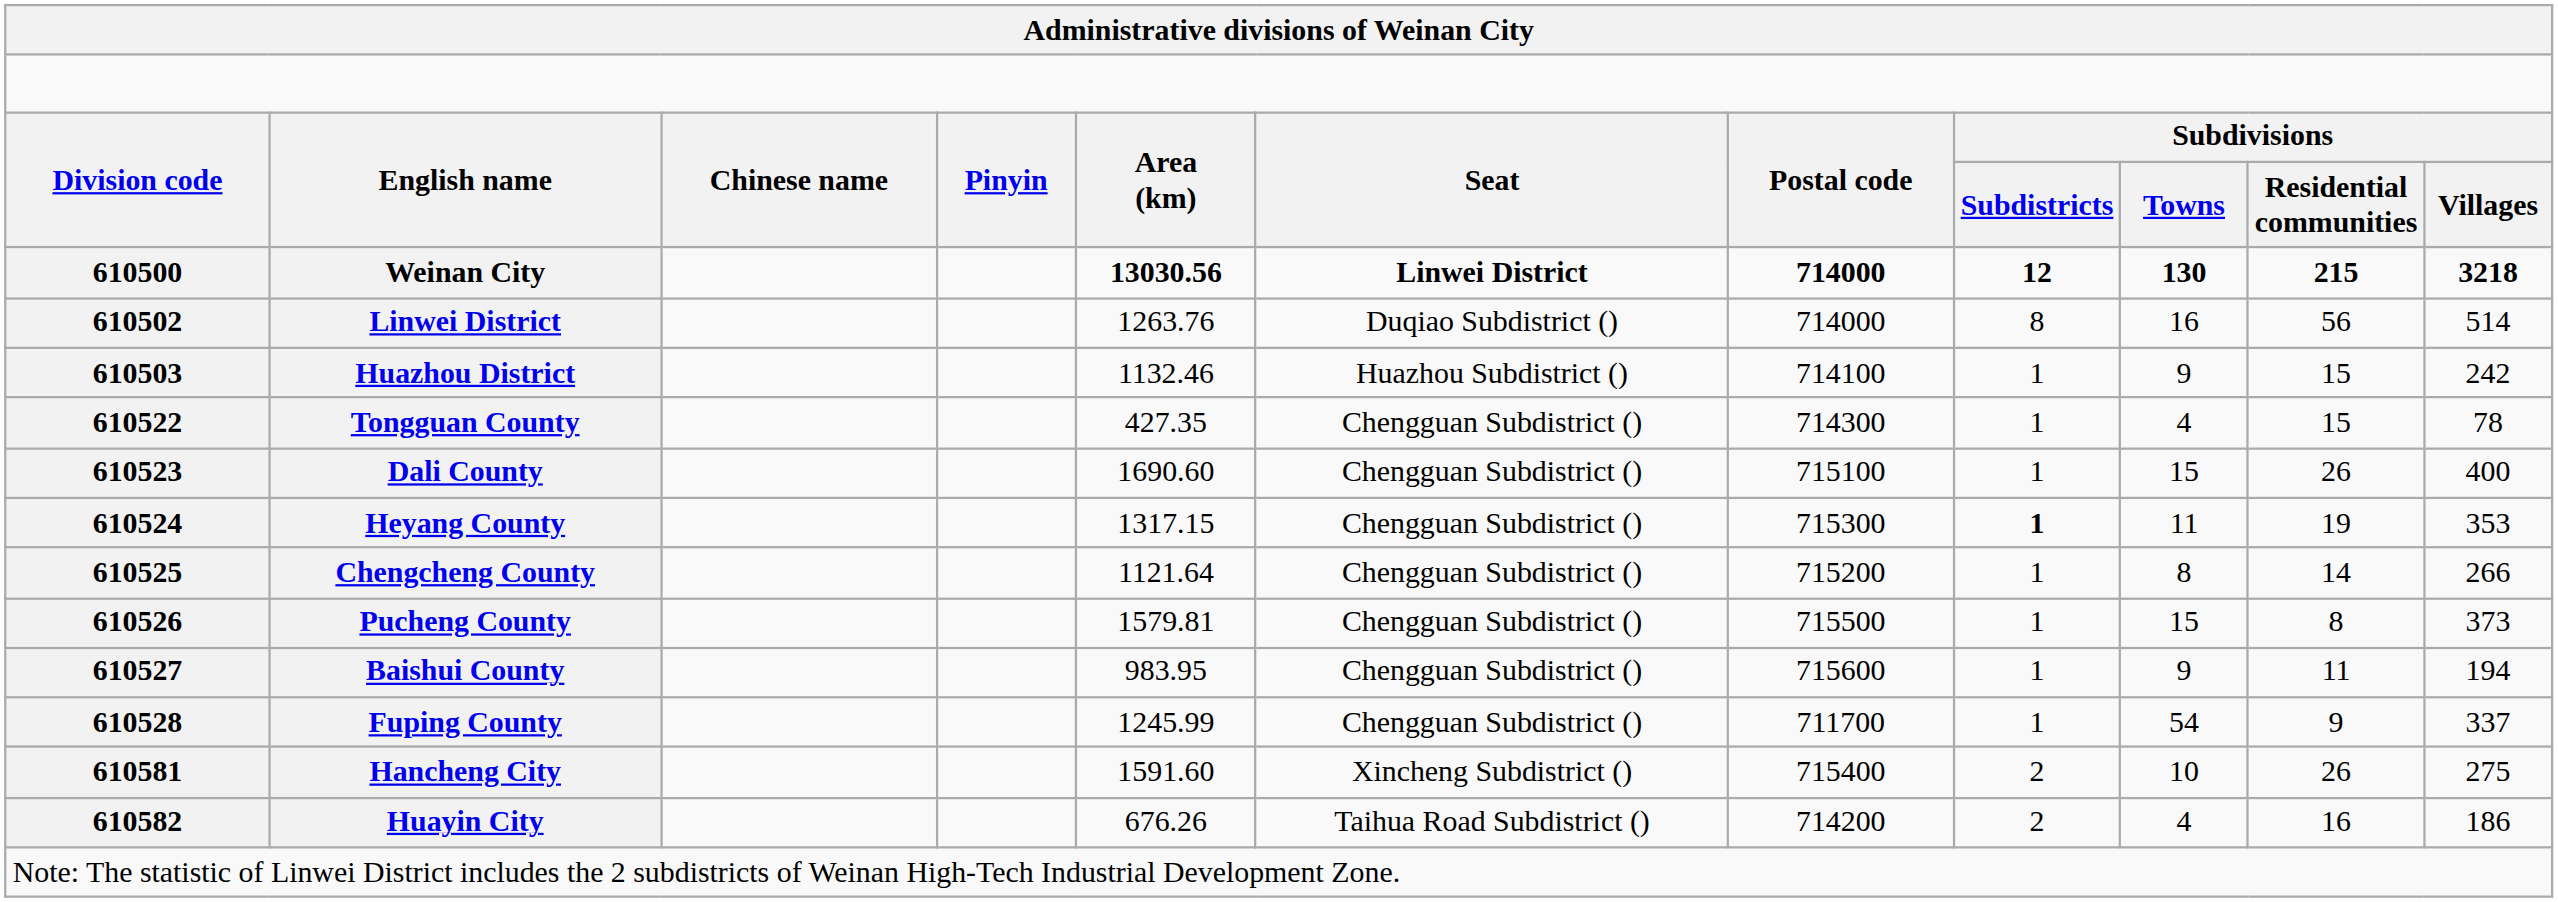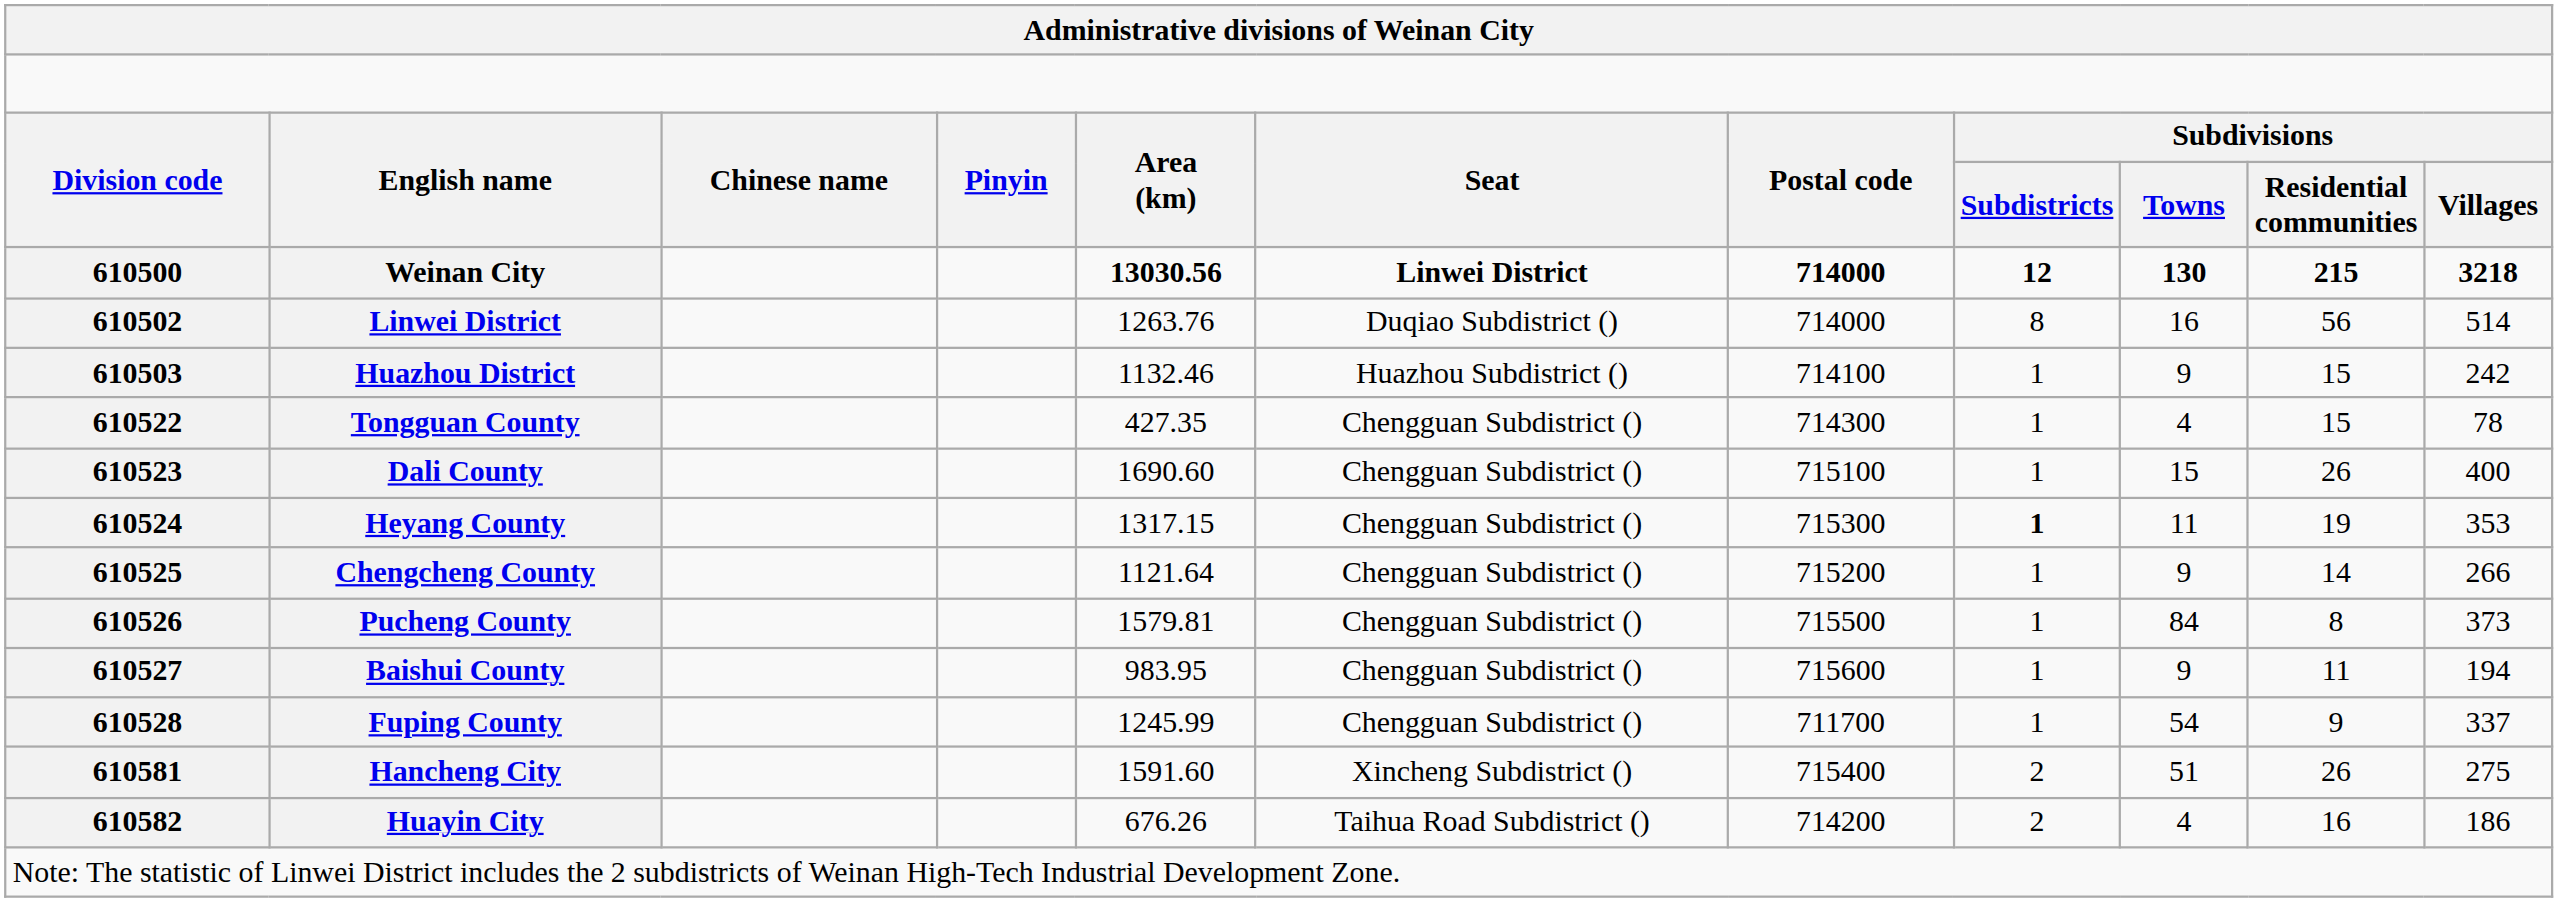 <table class="wikitable" style="margin:1em auto 1em auto; width:90%; font-size:smaller; text-align:center">
 <tr>
 <th colspan=11><strong>Administrative divisions of Weinan City</strong></th>
 </tr>
 <tr>
 <td colspan=11 style="font-size:larger"><div><br>              </div></td>
 </tr>
 <tr>
 <th ! rowspan=2><a href='#'>Division code</a></th>
 <th ! rowspan=2>English name</th>
 <th ! rowspan=2>Chinese name</th>
 <th ! rowspan=2><a href='#'>Pinyin</a></th>
 <th ! rowspan=2>Area<br> (km)</th>
 <th ! rowspan=2>Seat</th>
 <th ! rowspan=2>Postal code</th>
 <th ! colspan=4>Subdivisions</th>
 </tr>
 <tr>
 <th ! width="5%"><a href='#'>Subdistricts</a></th>
 <th ! width="5%"><a href='#'>Towns</a></th>
 <th ! width="5%">Residential communities</th>
 <th ! width="5%">Villages</th>
 </tr>
 <tr style="font-weight:bold">
 <th>610500</th>
 <th>Weinan City</th>
 <td></td>
 <td></td>
 <td>13030.56</td>
 <td>Linwei District</td>
 <td>714000</td>
 <td>12</td>
 <td>130</td>
 <td>215</td>
 <td>3218</td>
 </tr>
 <tr>
 <th>610502</th>
 <th><a href='#'>Linwei District</a></th>
 <td></td>
 <td></td>
 <td>1263.76</td>
 <td>Duqiao Subdistrict ()</td>
 <td>714000</td>
 <td>8</td>
 <td>16</td>
 <td>56</td>
 <td>514</td>
 </tr>
 <tr>
 <th>610503</th>
 <th><a href='#'>Huazhou District</a></th>
 <td></td>
 <td></td>
 <td>1132.46</td>
 <td>Huazhou Subdistrict ()</td>
 <td>714100</td>
 <td>1</td>
 <td>9</td>
 <td>15</td>
 <td>242</td>
 </tr>
 <tr>
 <th>610522</th>
 <th><a href='#'>Tongguan County</a></th>
 <td></td>
 <td></td>
 <td>427.35</td>
 <td>Chengguan Subdistrict ()</td>
 <td>714300</td>
 <td>1</td>
 <td>4</td>
 <td>15</td>
 <td>78</td>
 </tr>
 <tr>
 <th>610523</th>
 <th><a href='#'>Dali County</a></th>
 <td></td>
 <td></td>
 <td>1690.60</td>
 <td>Chengguan Subdistrict ()</td>
 <td>715100</td>
 <td>1</td>
 <td>15</td>
 <td>26</td>
 <td>400</td>
 </tr>
 <tr>
 <th>610524</th>
 <th><a href='#'>Heyang County</a></th>
 <td></td>
 <td></td>
 <td>1317.15</td>
 <td>Chengguan Subdistrict ()</td>
 <td>715300</td>
 <td><strong>1</strong></td>
 <td>11</td>
 <td>19</td>
 <td>353</td>
 </tr>
 <tr>
 <th>610525</th>
 <th><a href='#'>Chengcheng County</a></th>
 <td></td>
 <td></td>
 <td>1121.64</td>
 <td>Chengguan Subdistrict ()</td>
 <td>715200</td>
 <td>1</td>
-<td>8</td>
+<td>9</td>
 <td>14</td>
 <td>266</td>
 </tr>
 <tr>
 <th>610526</th>
 <th><a href='#'>Pucheng County</a></th>
 <td></td>
 <td></td>
 <td>1579.81</td>
 <td>Chengguan Subdistrict ()</td>
 <td>715500</td>
 <td>1</td>
-<td>15</td>
+<td>84</td>
 <td>8</td>
 <td>373</td>
 </tr>
 <tr>
 <th>610527</th>
 <th><a href='#'>Baishui County</a></th>
 <td></td>
 <td></td>
 <td>983.95</td>
 <td>Chengguan Subdistrict ()</td>
 <td>715600</td>
 <td>1</td>
 <td>9</td>
 <td>11</td>
 <td>194</td>
 </tr>
 <tr>
 <th>610528</th>
 <th><a href='#'>Fuping County</a></th>
 <td></td>
 <td></td>
 <td>1245.99</td>
 <td>Chengguan Subdistrict ()</td>
 <td>711700</td>
 <td>1</td>
 <td>54</td>
 <td>9</td>
 <td>337</td>
 </tr>
 <tr>
 <th>610581</th>
 <th><a href='#'>Hancheng City</a></th>
 <td></td>
 <td></td>
 <td>1591.60</td>
 <td>Xincheng Subdistrict ()</td>
 <td>715400</td>
 <td>2</td>
-<td>10</td>
+<td>51</td>
 <td>26</td>
 <td>275</td>
 </tr>
 <tr>
 <th>610582</th>
 <th><a href='#'>Huayin City</a></th>
 <td></td>
 <td></td>
 <td>676.26</td>
 <td>Taihua Road Subdistrict ()</td>
 <td>714200</td>
 <td>2</td>
 <td>4</td>
 <td>16</td>
 <td>186</td>
 </tr>
 <tr>
 <td colspan=11 style="text-align:left">Note: The statistic of Linwei District includes the 2 subdistricts of Weinan High-Tech Industrial Development Zone.</td>
 </tr>
 </table>
